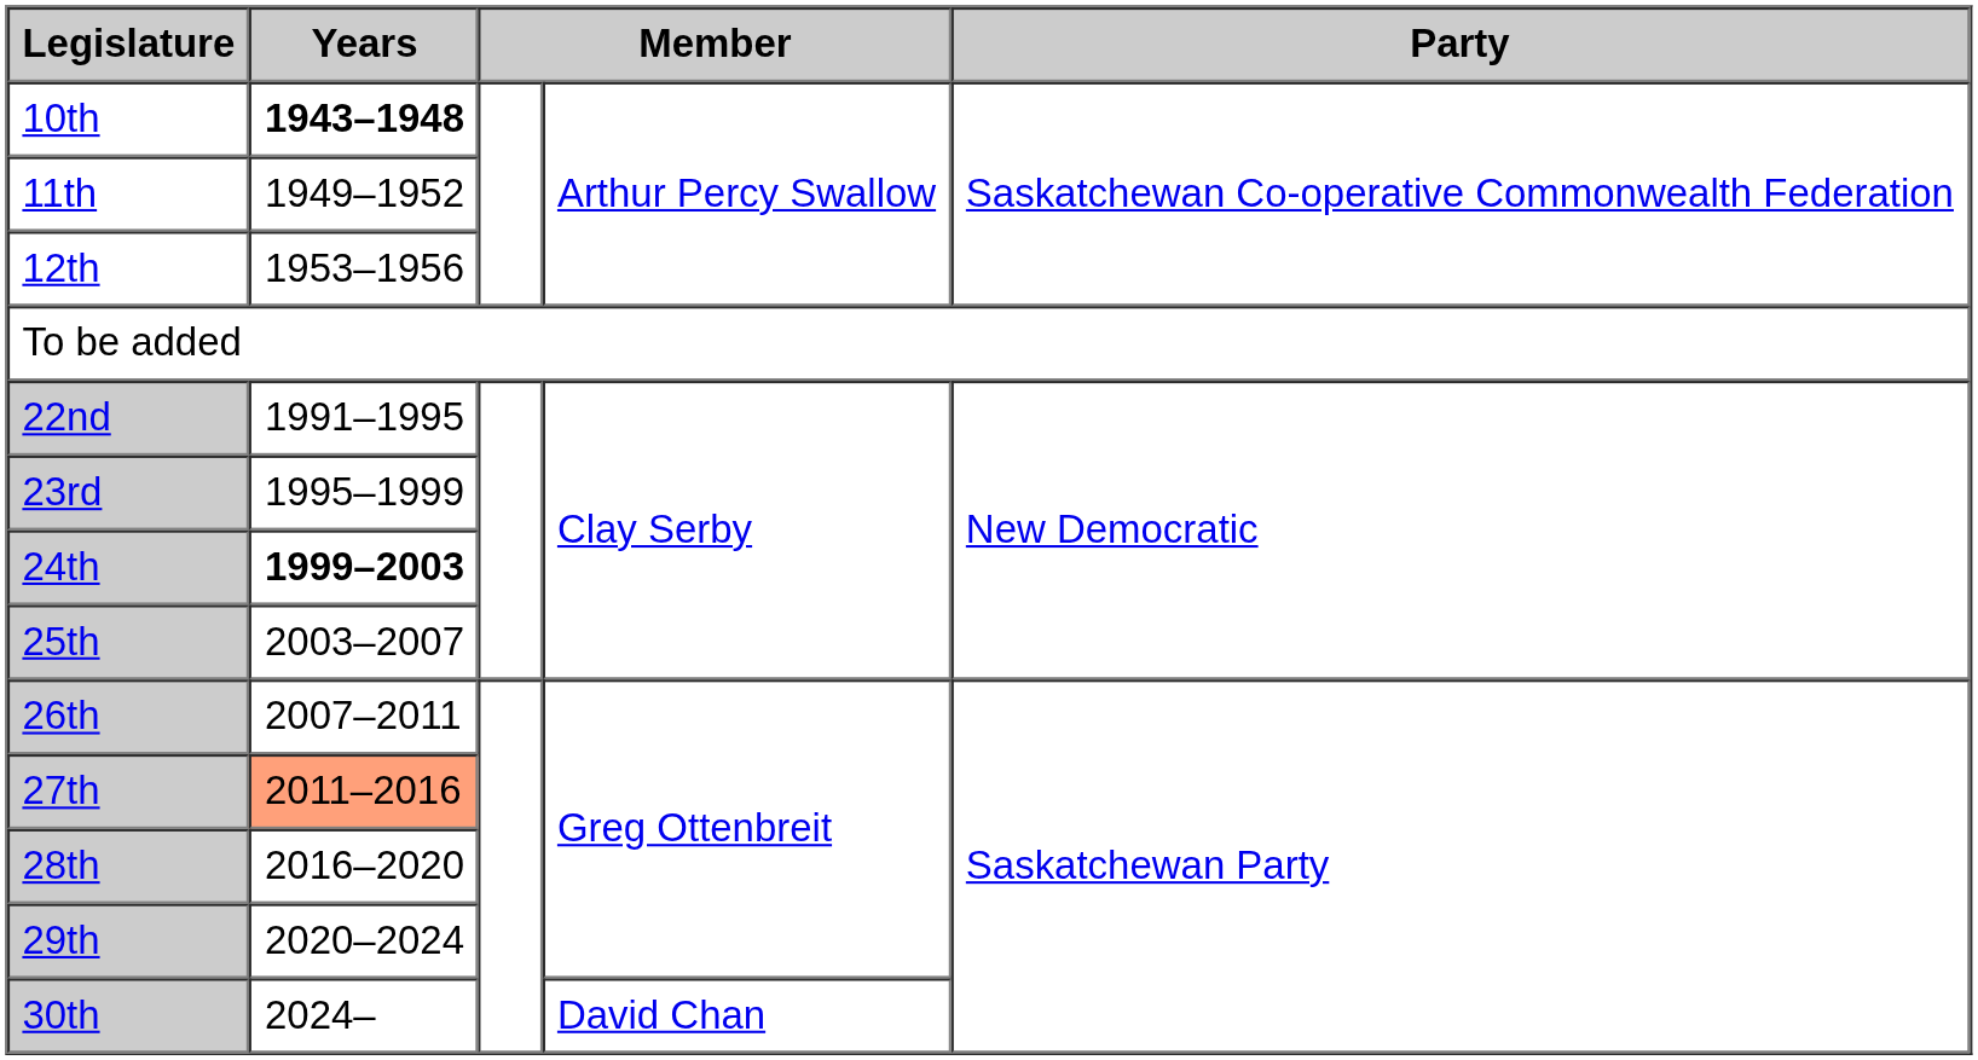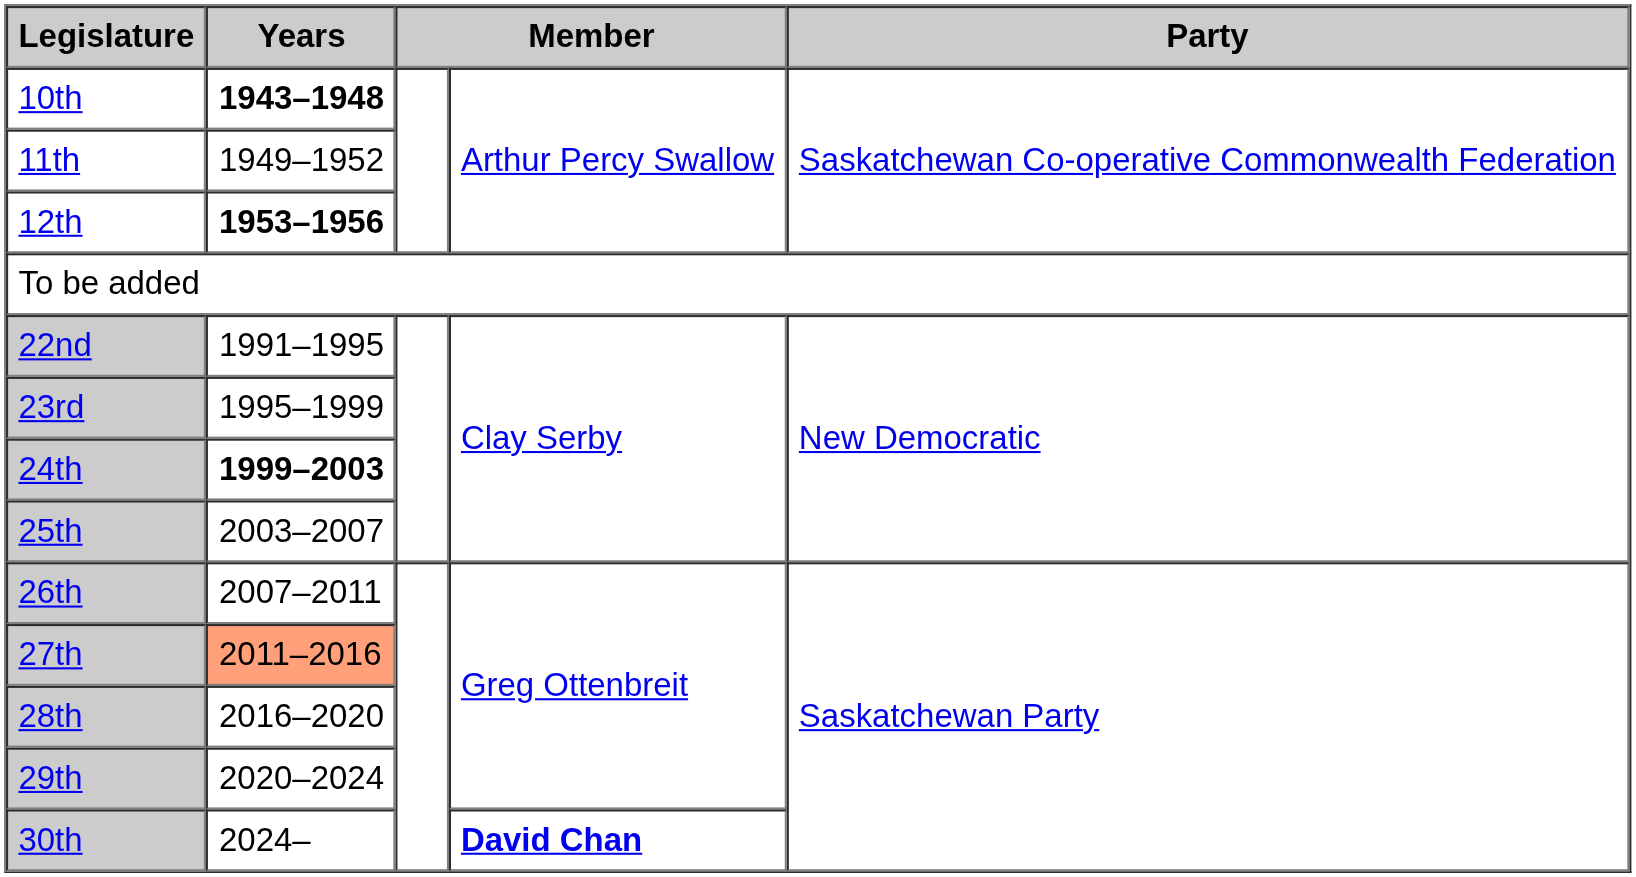 <table border=1 cellpadding=5 cellspacing=0>
 <tr bgcolor="CCCCCC">
 <th>Legislature</th>
 <th>Years</th>
 <th colspan="2">Member</th>
 <th>Party</th>
 </tr>
 <tr>
 <td><a href='#'>10th</a></td>
 <td><strong>1943–1948</strong></td>
 <td rowspan="3" >   </td>
 <td rowspan="3"><a href='#'>Arthur Percy Swallow</a></td>
 <td rowspan="3"><a href='#'>Saskatchewan Co-operative Commonwealth Federation</a></td>
 </tr>
 <tr>
 <td><a href='#'>11th</a></td>
 <td>1949–1952</td>
 </tr>
 <tr>
 <td><a href='#'>12th</a></td>
-<td>1953–1956</td>
+<td><strong>1953–1956</strong></td>
 </tr>
 <tr>
 <td colspan="5">To be added</td>
 </tr>
 <tr>
 <td bgcolor="CCCCCC"><a href='#'>22nd</a></td>
 <td>1991–1995</td>
 <td rowspan="4" >   </td>
 <td rowspan="4"><a href='#'>Clay Serby</a></td>
 <td rowspan="4"><a href='#'>New Democratic</a></td>
 </tr>
 <tr>
 <td bgcolor="CCCCCC"><a href='#'>23rd</a></td>
 <td>1995–1999</td>
 </tr>
 <tr>
 <td bgcolor="CCCCCC"><a href='#'>24th</a></td>
 <td><strong>1999–2003</strong></td>
 </tr>
 <tr>
 <td bgcolor="CCCCCC"><a href='#'>25th</a></td>
 <td>2003–2007</td>
 </tr>
 <tr>
 <td bgcolor="CCCCCC"><a href='#'>26th</a></td>
 <td>2007–2011</td>
 <td rowspan="5" >   </td>
 <td rowspan="4"><a href='#'>Greg Ottenbreit</a></td>
 <td rowspan="5"><a href='#'>Saskatchewan Party</a></td>
 </tr>
 <tr>
 <td bgcolor="CCCCCC"><a href='#'>27th</a></td>
 <td style="background: lightsalmon;">2011–2016</td>
 </tr>
 <tr>
 <td bgcolor="CCCCCC"><a href='#'>28th</a></td>
 <td>2016–2020</td>
 </tr>
 <tr>
 <td bgcolor="CCCCCC"><a href='#'>29th</a></td>
 <td>2020–2024</td>
 </tr>
 <tr>
 <td bgcolor="CCCCCC"><a href='#'>30th</a></td>
 <td>2024–</td>
-<td><a href='#'>David Chan</a></td>
+<td><strong><a href='#'>David Chan</a></strong></td>
 </tr>
 </table>
